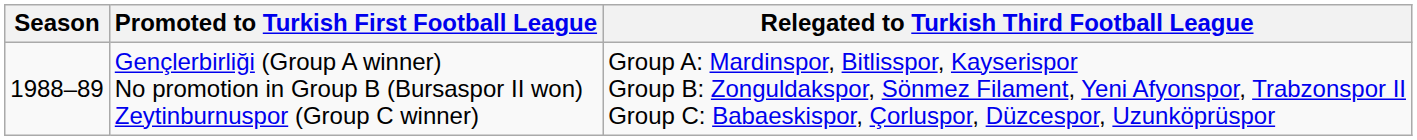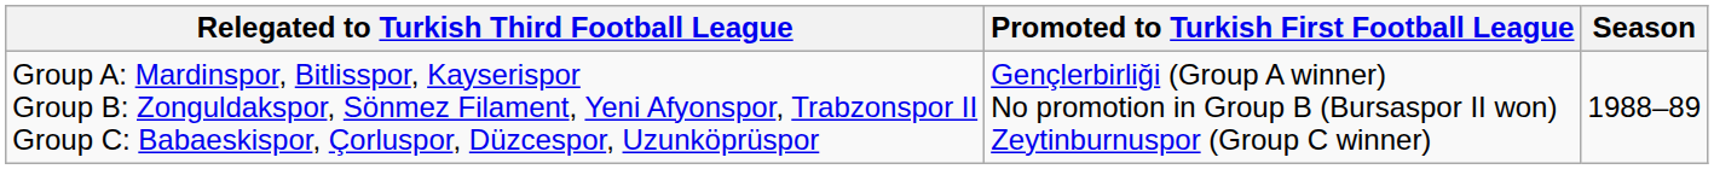 <table class="wikitable">
 <tr>
+<th>Relegated to <a href='#'>Turkish Third Football League</a></th>
+<th>Promoted to <a href='#'>Turkish First Football League</a></th>
 <th>Season</th>
-<th>Promoted to <a href='#'>Turkish First Football League</a></th>
-<th>Relegated to <a href='#'>Turkish Third Football League</a></th>
 </tr>
 <tr>
+<td>Group A: <a href='#'>Mardinspor</a>, <a href='#'>Bitlisspor</a>, <a href='#'>Kayserispor</a><br>Group B: <a href='#'>Zonguldakspor</a>, <a href='#'>Sönmez Filament</a>, <a href='#'>Yeni Afyonspor</a>, <a href='#'>Trabzonspor II</a><br>Group C: <a href='#'>Babaeskispor</a>, <a href='#'>Çorluspor</a>, <a href='#'>Düzcespor</a>, <a href='#'>Uzunköprüspor</a></td>
+<td><a href='#'>Gençlerbirliği</a> (Group A winner)<br>No promotion in Group B (Bursaspor II won)<br><a href='#'>Zeytinburnuspor</a> (Group C winner)</td>
 <td>1988–89</td>
-<td><a href='#'>Gençlerbirliği</a> (Group A winner)<br>No promotion in Group B (Bursaspor II won)<br><a href='#'>Zeytinburnuspor</a> (Group C winner)</td>
-<td>Group A: <a href='#'>Mardinspor</a>, <a href='#'>Bitlisspor</a>, <a href='#'>Kayserispor</a><br>Group B: <a href='#'>Zonguldakspor</a>, <a href='#'>Sönmez Filament</a>, <a href='#'>Yeni Afyonspor</a>, <a href='#'>Trabzonspor II</a><br>Group C: <a href='#'>Babaeskispor</a>, <a href='#'>Çorluspor</a>, <a href='#'>Düzcespor</a>, <a href='#'>Uzunköprüspor</a></td>
 </tr>
 </table>
